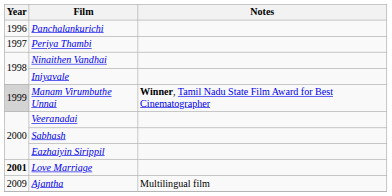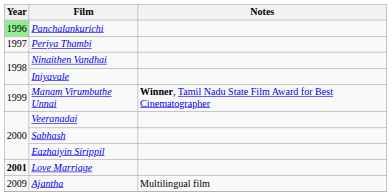 <table class="wikitable sortable">
 <tr>
 <th>Year</th>
 <th>Film</th>
 <th class=unsortable>Notes</th>
 </tr>
 <tr>
-<td>1996</td>
+<td style="background: lightgreen;">1996</td>
 <td><em><a href='#'>Panchalankurichi</a></em></td>
 <td></td>
 </tr>
 <tr>
 <td>1997</td>
 <td><em><a href='#'>Periya Thambi</a></em></td>
 <td></td>
 </tr>
 <tr>
 <td rowspan="2">1998</td>
 <td><em><a href='#'>Ninaithen Vandhai</a></em></td>
 <td></td>
 </tr>
 <tr>
 <td><em><a href='#'>Iniyavale</a></em></td>
 <td></td>
 </tr>
 <tr>
-<td style="background: lightgrey;">1999</td>
+<td>1999</td>
 <td><em><a href='#'>Manam Virumbuthe Unnai</a></em></td>
 <td><strong>Winner</strong>, <a href='#'>Tamil Nadu State Film Award for Best Cinematographer</a></td>
 </tr>
 <tr>
 <td rowspan="3">2000</td>
 <td><em><a href='#'>Veeranadai</a></em></td>
 <td></td>
 </tr>
 <tr>
 <td><em><a href='#'>Sabhash</a></em></td>
 <td></td>
 </tr>
 <tr>
 <td><em><a href='#'>Eazhaiyin Sirippil</a></em></td>
 <td></td>
 </tr>
 <tr>
 <td><strong>2001</strong></td>
 <td><em><a href='#'>Love Marriage</a></em></td>
 <td></td>
 </tr>
 <tr>
 <td>2009</td>
 <td><em><a href='#'>Ajantha</a></em></td>
 <td>Multilingual film</td>
 </tr>
 <tr>
 </tr>
 </table>
